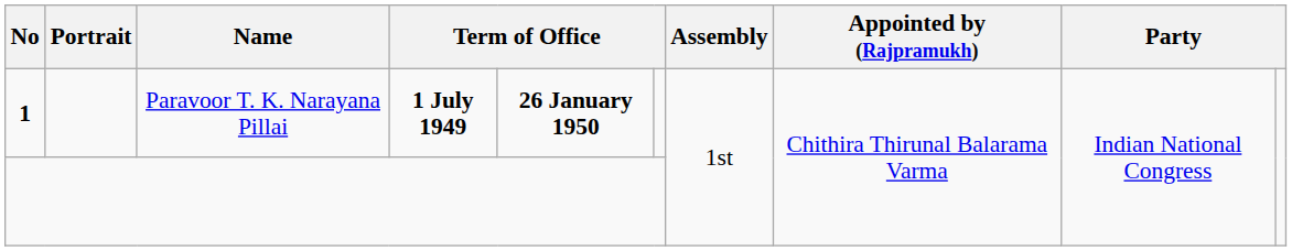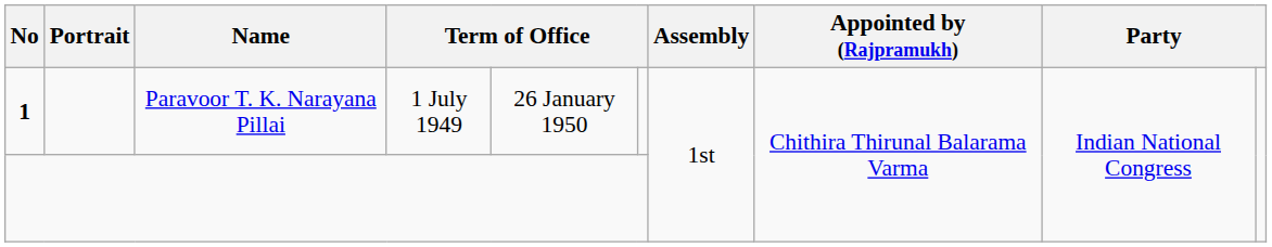 <table class="wikitable" style=text-align:center>
 <tr>
 <th>No</th>
 <th>Portrait</th>
 <th>Name</th>
 <th colspan="3">Term of Office</th>
 <th>Assembly</th>
 <th>Appointed by<br><small>(<a href='#'>Rajpramukh</a>)</small></th>
 <th colspan="2">Party</th>
 </tr>
 <tr style="height: 60px;">
 <td><strong>1</strong></td>
 <td></td>
 <td><a href='#'>Paravoor T. K. Narayana Pillai</a></td>
-<td><strong>1 July 1949</strong></td>
-<td><strong>26 January 1950</strong></td>
+<td>1 July 1949</td>
+<td>26 January 1950</td>
 <td></td>
 <td rowspan="2">1st</td>
 <td rowspan="5"><a href='#'>Chithira Thirunal Balarama Varma</a></td>
 <td rowspan="3"><a href='#'>Indian National Congress</a></td>
 <td rowspan="3" style="background-color: "></td>
 </tr>
 <tr style="height: 60px;">
 </tr>
 </table>
